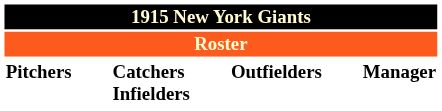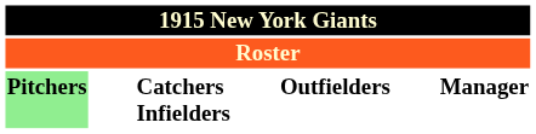 <table class="toccolours" style="font-size: 95%;">
 <tr>
 <th colspan="10" style="background-color: black; color: #FFFDD0; text-align: center;">1915 New York Giants</th>
 </tr>
 <tr>
 <td colspan="10" style="background-color: #fd5a1e; color: #FFFDD0; text-align: center;"><strong>Roster</strong></td>
 </tr>
 <tr>
-<td valign="top"><strong>Pitchers</strong><br>              </td>
+<td valign="top" style="background: lightgreen;"><strong>Pitchers</strong><br>              </td>
 <td width="25px"></td>
 <td valign="top"><strong>Catchers</strong><br>       <strong>Infielders</strong>            </td>
 <td width="25px"></td>
 <td valign="top"><strong>Outfielders</strong><br>         </td>
 <td width="25px"></td>
 <td valign="top"><strong>Manager</strong><br></td>
 </tr>
 </table>
